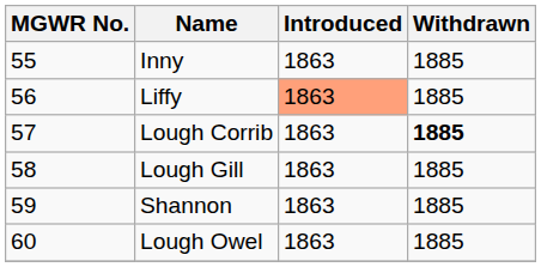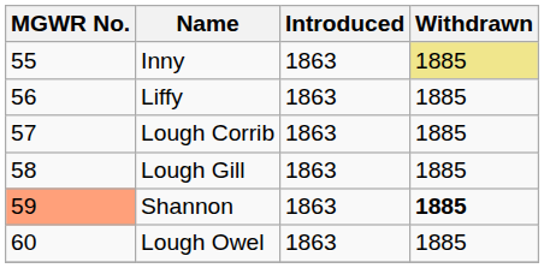 <table class="wikitable">
 <tr>
 <th>MGWR No.</th>
 <th>Name</th>
 <th>Introduced</th>
 <th>Withdrawn</th>
 </tr>
 <tr>
 <td>55</td>
 <td>Inny</td>
 <td>1863</td>
-<td>1885</td>
+<td style="background: khaki;">1885</td>
 </tr>
 <tr>
 <td>56</td>
 <td>Liffy</td>
-<td style="background: lightsalmon;">1863</td>
+<td>1863</td>
 <td>1885</td>
 </tr>
 <tr>
 <td>57</td>
 <td>Lough Corrib</td>
 <td>1863</td>
-<td><strong>1885</strong></td>
+<td>1885</td>
 </tr>
 <tr>
 <td>58</td>
 <td>Lough Gill</td>
 <td>1863</td>
 <td>1885</td>
 </tr>
 <tr>
-<td>59</td>
+<td style="background: lightsalmon;">59</td>
 <td>Shannon</td>
 <td>1863</td>
-<td>1885</td>
+<td><strong>1885</strong></td>
 </tr>
 <tr>
 <td>60</td>
 <td>Lough Owel</td>
 <td>1863</td>
 <td>1885</td>
 </tr>
 <tr>
 </tr>
 </table>
